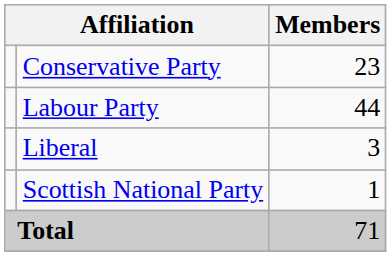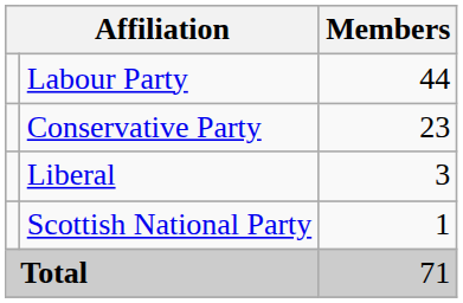 <table class="wikitable">
 <tr>
 <th colspan="2">Affiliation</th>
 <th>Members</th>
 </tr>
 <tr>
 <td style="color:inherit;background:"></td>
-<td><a href='#'>Conservative Party</a></td>
-<td align="right">23</td>
+<td><a href='#'>Labour Party</a></td>
+<td align="right">44</td>
 </tr>
 <tr>
 <td style="color:inherit;background:"></td>
-<td><a href='#'>Labour Party</a></td>
-<td align="right">44</td>
+<td><a href='#'>Conservative Party</a></td>
+<td align="right">23</td>
 </tr>
 <tr>
 <td style="color:inherit;background:"></td>
 <td><a href='#'>Liberal</a></td>
 <td align="right">3</td>
 </tr>
 <tr>
 <td style="color:inherit;background:"></td>
 <td><a href='#'>Scottish National Party</a></td>
 <td align="right">1</td>
 </tr>
 <tr bgcolor="CCCCCC">
 <td colspan="2" rowspan="1"> <strong>Total</strong></td>
 <td align="right">71</td>
 </tr>
 </table>
